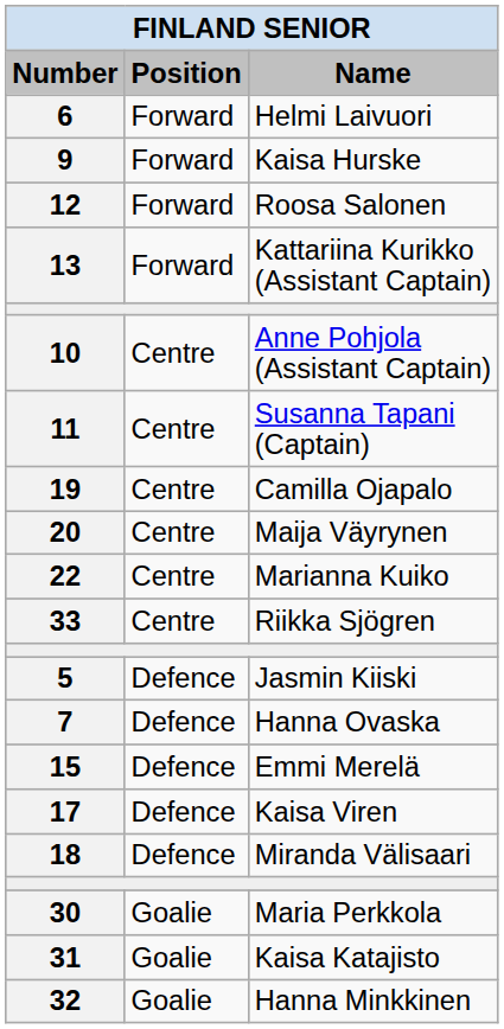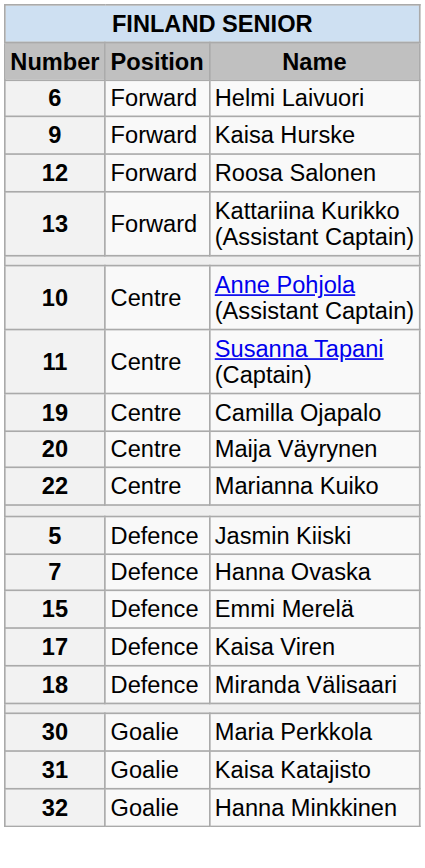 <table class="wikitable" style="text-align:left; font-size:90%;">
 <tr>
 <th style=background:#CEE0F2 colspan=3>FINLAND SENIOR</th>
 </tr>
 <tr>
 <th style="background:silver;">Number</th>
 <th style="background:silver;">Position</th>
 <th style="background:silver;">Name</th>
 </tr>
 <tr>
 <th>6</th>
 <td>Forward</td>
 <td>Helmi Laivuori</td>
 </tr>
 <tr>
 <th>9</th>
 <td>Forward</td>
 <td>Kaisa Hurske</td>
 </tr>
 <tr>
 <th>12</th>
 <td>Forward</td>
 <td>Roosa Salonen</td>
 </tr>
 <tr>
 <th>13</th>
 <td>Forward</td>
 <td>Kattariina Kurikko<br>(Assistant Captain)</td>
 </tr>
 <tr>
 <td style="background:#eeee" align=center colspan=3></td>
 </tr>
 <tr>
 <th>10</th>
 <td>Centre</td>
 <td><a href='#'>Anne Pohjola</a><br>(Assistant Captain)</td>
 </tr>
 <tr>
 <th>11</th>
 <td>Centre</td>
 <td><a href='#'>Susanna Tapani</a><br>(Captain)</td>
 </tr>
 <tr>
 <th>19</th>
 <td>Centre</td>
 <td>Camilla Ojapalo</td>
 </tr>
 <tr>
 <th>20</th>
 <td>Centre</td>
 <td>Maija Väyrynen</td>
 </tr>
 <tr>
 <th>22</th>
 <td>Centre</td>
 <td>Marianna Kuiko</td>
 </tr>
 <tr>
-<th>33</th>
-<td>Centre</td>
-<td>Riikka Sjögren</td>
-</tr>
-<tr>
 <td style="background:#eeee" align=center colspan=3></td>
 </tr>
 <tr>
 <th>5</th>
 <td>Defence</td>
 <td>Jasmin Kiiski</td>
 </tr>
 <tr>
 <th>7</th>
 <td>Defence</td>
 <td>Hanna Ovaska</td>
 </tr>
 <tr>
 <th>15</th>
 <td>Defence</td>
 <td>Emmi Merelä</td>
 </tr>
 <tr>
 <th>17</th>
 <td>Defence</td>
 <td>Kaisa Viren</td>
 </tr>
 <tr>
 <th>18</th>
 <td>Defence</td>
 <td>Miranda Välisaari</td>
 </tr>
 <tr>
 <td style="background:#eeee" align=center colspan=3></td>
 </tr>
 <tr>
 <th>30</th>
 <td>Goalie</td>
 <td>Maria Perkkola</td>
 </tr>
 <tr>
 <th>31</th>
 <td>Goalie</td>
 <td>Kaisa Katajisto</td>
 </tr>
 <tr>
 <th>32</th>
 <td>Goalie</td>
 <td>Hanna Minkkinen</td>
 </tr>
 </table>
